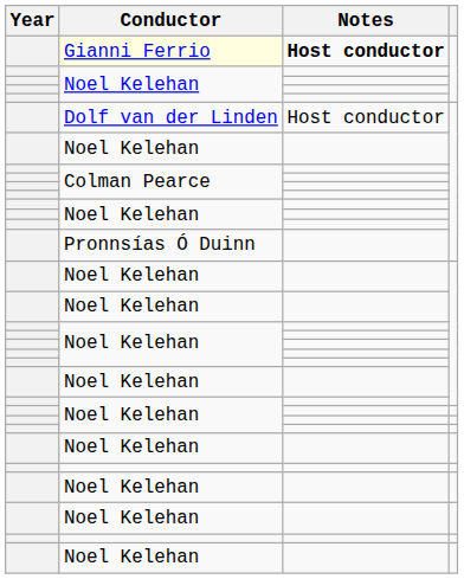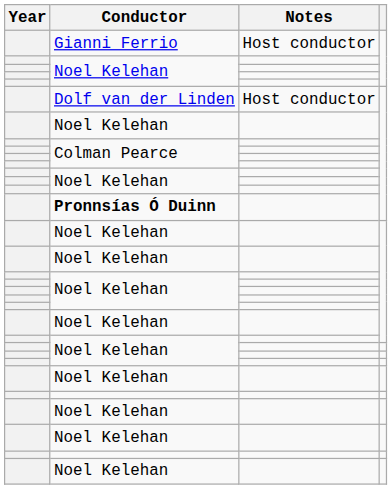 <table class="wikitable plainrowheaders">
 <tr>
 <th>Year</th>
 <th>Conductor</th>
 <th>Notes</th>
 <th></th>
 </tr>
 <tr>
 <th scope="row"></th>
-<td style="background: lightyellow;"> <a href='#'>Gianni Ferrio</a></td>
-<td><strong>Host conductor</strong></td>
+<td> <a href='#'>Gianni Ferrio</a></td>
+<td>Host conductor</td>
 <td rowspan="5"></td>
 </tr>
 <tr>
 <th scope="row"></th>
 <td rowspan="4"><a href='#'>Noel Kelehan</a></td>
 <td></td>
 </tr>
 <tr>
 <th scope="row"></th>
 <td></td>
 </tr>
 <tr>
 <th scope="row"></th>
 <td></td>
 </tr>
 <tr>
 <th scope="row"></th>
 <td></td>
 </tr>
 <tr>
 <th scope="row"></th>
 <td> <a href='#'>Dolf van der Linden</a></td>
 <td>Host conductor</td>
 <td rowspan="10"></td>
 </tr>
 <tr>
 <th scope="row"></th>
 <td>Noel Kelehan</td>
 <td></td>
 </tr>
 <tr>
 <th scope="row"></th>
 <td rowspan="4">Colman Pearce</td>
 <td></td>
 </tr>
 <tr>
 <th scope="row"></th>
 <td></td>
 </tr>
 <tr>
 <th scope="row"></th>
 <td></td>
 </tr>
 <tr>
 <th scope="row"></th>
 <td></td>
 </tr>
 <tr>
 <th scope="row"></th>
 <td rowspan="3">Noel Kelehan</td>
 <td></td>
 </tr>
 <tr>
 <th scope="row"></th>
 <td></td>
 </tr>
 <tr>
 <th scope="row"></th>
 <td></td>
 </tr>
 <tr>
 <th scope="row"></th>
-<td>Pronnsías Ó Duinn</td>
+<td><strong>Pronnsías Ó Duinn</strong></td>
 <td></td>
 </tr>
 <tr>
 <th scope="row"></th>
 <td>Noel Kelehan</td>
 <td></td>
 <td rowspan="9"></td>
 </tr>
 <tr>
 <th scope="row"></th>
 <td>Noel Kelehan</td>
 <td></td>
 </tr>
 <tr>
 <th scope="row"></th>
 <td rowspan="5">Noel Kelehan</td>
 <td></td>
 </tr>
 <tr>
 <th scope="row"></th>
 <td></td>
 </tr>
 <tr>
 <th scope="row"></th>
 <td></td>
 </tr>
 <tr>
 <th scope="row"></th>
 <td></td>
 </tr>
 <tr>
 <th scope="row"></th>
 <td></td>
 </tr>
 <tr>
 <th scope="row"></th>
 <td>Noel Kelehan</td>
 <td></td>
 </tr>
 <tr>
 <th scope="row"></th>
 <td rowspan="4">Noel Kelehan</td>
 <td></td>
 </tr>
 <tr>
 <th scope="row"></th>
 <td></td>
 <td></td>
 </tr>
 <tr>
 <th scope="row"></th>
 <td></td>
 <td></td>
 </tr>
 <tr>
 <th scope="row"></th>
 <td></td>
 <td></td>
 </tr>
 <tr>
 <th scope="row"></th>
 <td>Noel Kelehan</td>
 <td></td>
 <td></td>
 </tr>
 <tr>
 <th scope="row"></th>
 <td></td>
 <td></td>
 <td></td>
 </tr>
 <tr>
 <th scope="row"></th>
 <td>Noel Kelehan</td>
 <td></td>
 <td></td>
 </tr>
 <tr>
 <th scope="row"></th>
 <td>Noel Kelehan</td>
 <td></td>
 <td></td>
 </tr>
 <tr>
 <th scope="row"></th>
 <td></td>
 <td></td>
 <td></td>
 </tr>
 <tr>
 <th scope="row"></th>
 <td>Noel Kelehan</td>
 <td></td>
 <td></td>
 </tr>
 </table>
